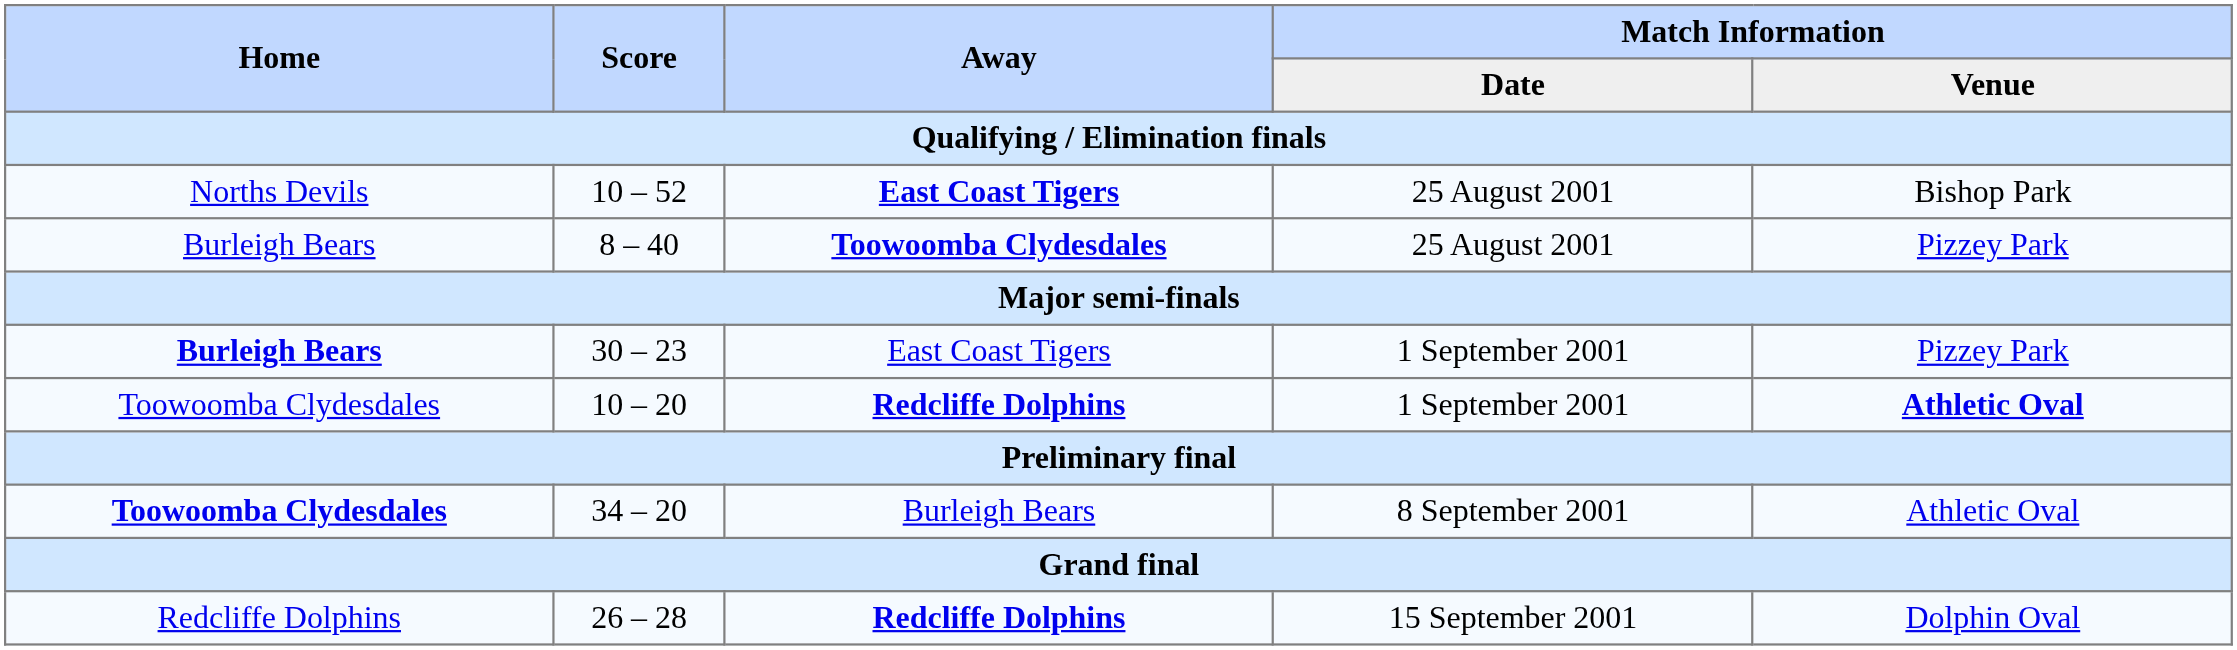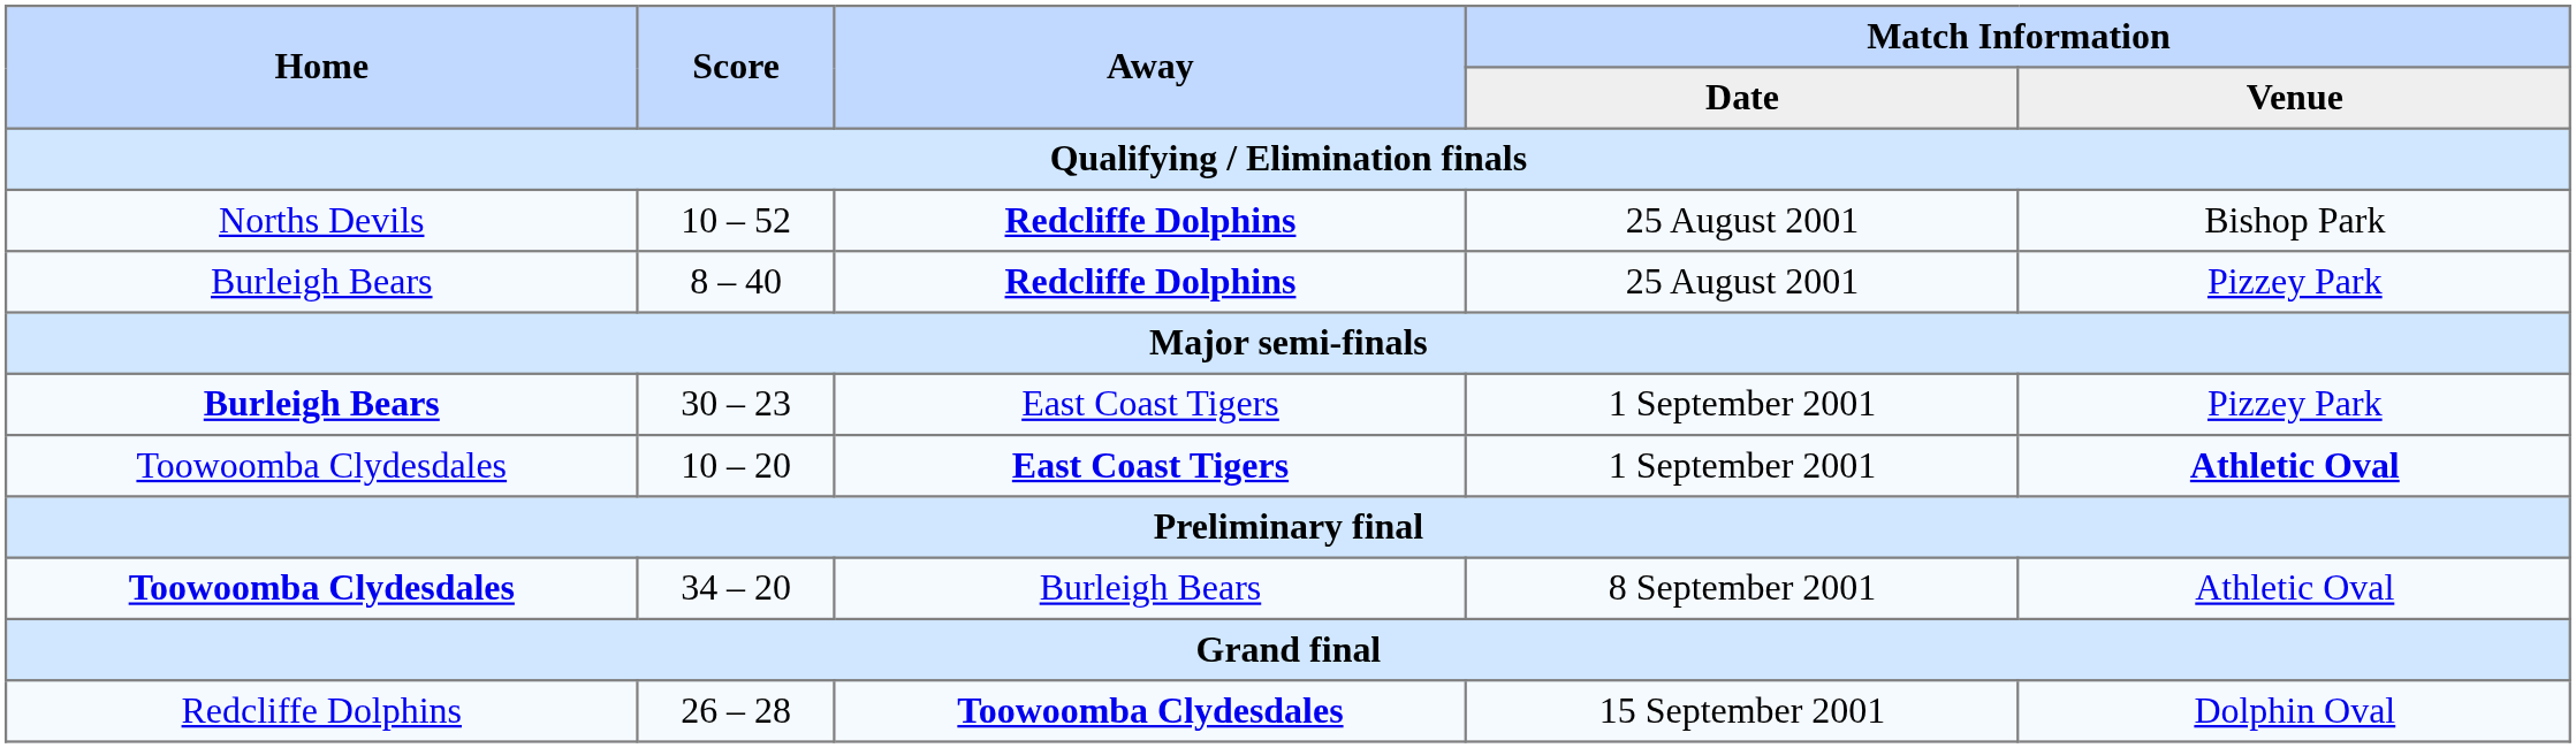 <table border=1 style="border-collapse:collapse; font-size:90%; text-align:center;" cellpadding=3 cellspacing=0>
 <tr bgcolor=#C1D8FF>
 <th rowspan=2 width=16%>Home</th>
 <th rowspan=2 width=5%>Score</th>
 <th rowspan=2 width=16%>Away</th>
 <th colspan=6>Match Information</th>
 </tr>
 <tr bgcolor=#EFEFEF>
 <th width=14%>Date</th>
 <th width=14%>Venue</th>
 </tr>
 <tr bgcolor="#D0E7FF">
 <td colspan=7><strong>Qualifying / Elimination finals</strong></td>
 </tr>
 <tr bgcolor=#F5FAFF>
 <td> <a href='#'>Norths Devils</a></td>
 <td>10 – 52</td>
-<td> <strong><a href='#'>East Coast Tigers</a></strong></td>
+<td> <strong><a href='#'>Redcliffe Dolphins</a></strong></td>
 <td>25 August 2001</td>
 <td>Bishop Park</td>
 </tr>
 <tr bgcolor=#F5FAFF>
 <td> <a href='#'>Burleigh Bears</a></td>
 <td>8 – 40</td>
-<td> <strong><a href='#'>Toowoomba Clydesdales</a></strong></td>
+<td> <strong><a href='#'>Redcliffe Dolphins</a></strong></td>
 <td>25 August 2001</td>
 <td><a href='#'>Pizzey Park</a></td>
 </tr>
 <tr bgcolor="#D0E7FF">
 <td colspan=7><strong>Major semi-finals</strong></td>
 </tr>
 <tr bgcolor=#F5FAFF>
 <td> <strong><a href='#'>Burleigh Bears</a></strong></td>
 <td>30 – 23</td>
 <td> <a href='#'>East Coast Tigers</a></td>
 <td>1 September 2001</td>
 <td><a href='#'>Pizzey Park</a></td>
 </tr>
 <tr bgcolor=#F5FAFF>
 <td> <a href='#'>Toowoomba Clydesdales</a></td>
 <td>10 – 20</td>
-<td> <strong><a href='#'>Redcliffe Dolphins</a></strong></td>
+<td> <strong><a href='#'>East Coast Tigers</a></strong></td>
 <td>1 September 2001</td>
 <td><strong><a href='#'>Athletic Oval</a></strong></td>
 </tr>
 <tr bgcolor="#D0E7FF">
 <td colspan=7><strong>Preliminary final</strong></td>
 </tr>
 <tr bgcolor=#F5FAFF>
 <td> <strong><a href='#'>Toowoomba Clydesdales</a></strong></td>
 <td>34 – 20</td>
 <td> <a href='#'>Burleigh Bears</a></td>
 <td>8 September 2001</td>
 <td><a href='#'>Athletic Oval</a></td>
 </tr>
 <tr bgcolor="#D0E7FF">
 <td colspan=7><strong>Grand final</strong></td>
 </tr>
 <tr bgcolor=#F5FAFF>
 <td> <a href='#'>Redcliffe Dolphins</a></td>
 <td>26 – 28</td>
-<td> <strong><a href='#'>Redcliffe Dolphins</a></strong></td>
+<td> <strong><a href='#'>Toowoomba Clydesdales</a></strong></td>
 <td>15 September 2001</td>
 <td><a href='#'>Dolphin Oval</a></td>
 </tr>
 </table>
